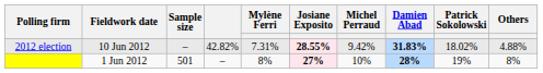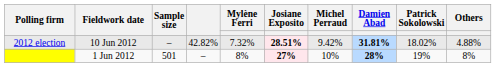 <table class="wikitable sortable" style="text-align:center;font-size:90%;line-height:14px;">
 <tr style="height:40px;">
 <th style="width:100px;" rowspan="2">Polling firm</th>
 <th style="width:110px;" rowspan="2">Fieldwork date</th>
 <th style="width:35px;" rowspan="2">Sample<br>size</th>
 <th style="width:30px;" rowspan="2"></th>
 <th class="unsortable" style="width:60px;">Mylène Ferri<br></th>
 <th class="unsortable" style="width:60px;">Josiane Exposito<br></th>
 <th class="unsortable" style="width:60px;">Michel Perraud<br></th>
 <th class="unsortable" style="width:60px;"><a href='#'>Damien Abad</a><br></th>
 <th class="unsortable" style="width:60px;">Patrick Sokolowski<br></th>
 <th class="unsortable" style="width:60px;">Others</th>
 </tr>
 <tr>
 <th style="background:"></th>
 <th style="background:"></th>
 <th style="background:"></th>
 <th style="background:"></th>
 <th style="background:"></th>
 <th style="background:"></th>
 </tr>
 <tr style="background:#E9E9E9;">
 <td><a href='#'>2012 election</a></td>
 <td data-sort-value="2012-06-10">10 Jun 2012</td>
 <td>–</td>
 <td>42.82%</td>
-<td>7.31%</td>
-<td style="background:#FFE6EC;"><strong>28.55%</strong></td>
+<td>7.32%</td>
+<td style="background:#FFE6EC;"><strong>28.51%</strong></td>
 <td>9.42%</td>
-<td style="background:#B9DAFF;"><strong>31.83%</strong></td>
+<td style="background:#B9DAFF;"><strong>31.81%</strong></td>
 <td>18.02%</td>
 <td>4.88%</td>
 </tr>
 <tr>
 <td style="background:yellow;"></td>
 <td data-sort-value="2012-06-01">1 Jun 2012</td>
 <td>501</td>
 <td>–</td>
 <td>8%</td>
 <td style="background:#FFE6EC;"><strong>27%</strong></td>
 <td>10%</td>
 <td style="background:#B9DAFF;"><strong>28%</strong></td>
 <td>19%</td>
 <td>8%</td>
 </tr>
 </table>
